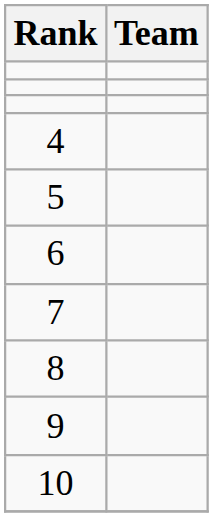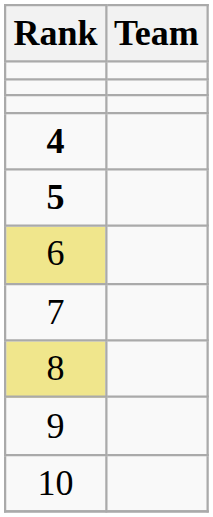 <table class="wikitable">
 <tr>
 <th>Rank</th>
 <th>Team</th>
 </tr>
 <tr>
 <td align=center></td>
 <td></td>
 </tr>
 <tr>
 <td align=center></td>
 <td></td>
 </tr>
 <tr>
 <td align=center></td>
 <td></td>
 </tr>
 <tr>
-<td align=center>4</td>
+<td align=center><strong>4</strong></td>
 <td></td>
 </tr>
 <tr>
-<td align=center>5</td>
+<td align=center><strong>5</strong></td>
 <td></td>
 </tr>
 <tr>
-<td align=center>6</td>
+<td align=center style="background: khaki;">6</td>
 <td></td>
 </tr>
 <tr>
 <td align=center>7</td>
 <td></td>
 </tr>
 <tr>
-<td align=center>8</td>
+<td align=center style="background: khaki;">8</td>
 <td></td>
 </tr>
 <tr>
 <td align=center>9</td>
 <td></td>
 </tr>
 <tr>
 <td align=center>10</td>
 <td></td>
 </tr>
 <tr>
 </tr>
 </table>
